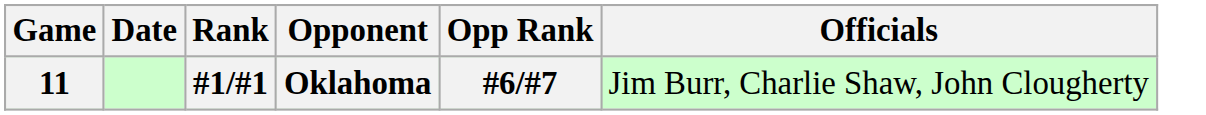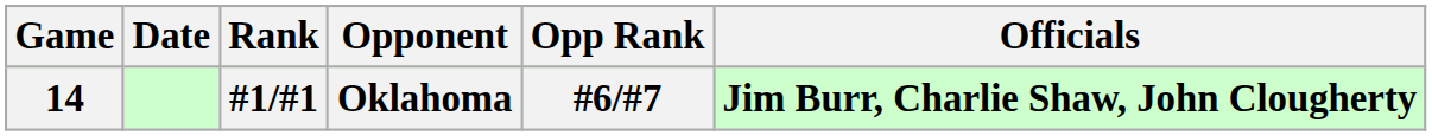 <table class="wikitable">
 <tr>
 <th>Game</th>
 <th>Date</th>
 <th>Rank</th>
 <th>Opponent</th>
 <th>Opp Rank</th>
 <th>Officials</th>
 </tr>
 <tr align="center" bgcolor="#ccffcc">
-<th>11</th>
+<th>14</th>
 <td></td>
 <th>#1/#1</th>
 <th>Oklahoma</th>
 <th>#6/#7</th>
-<td>Jim Burr, Charlie Shaw, John Clougherty</td>
+<td><strong>Jim Burr, Charlie Shaw, John Clougherty</strong></td>
 </tr>
 </table>
